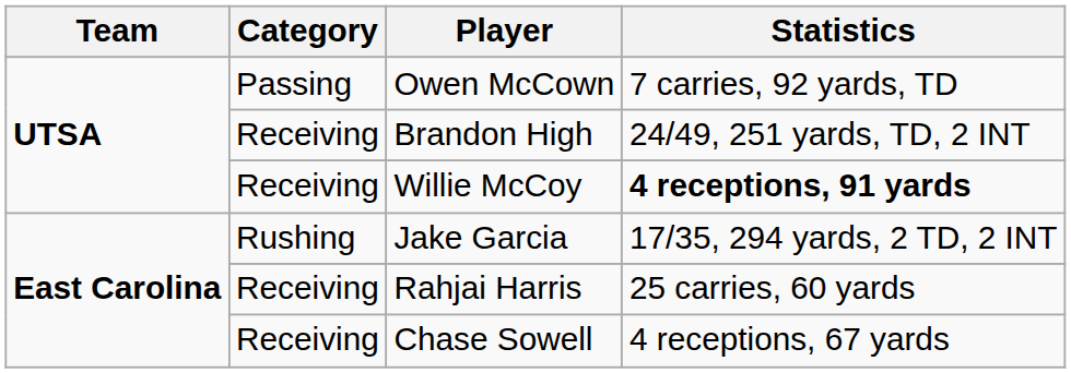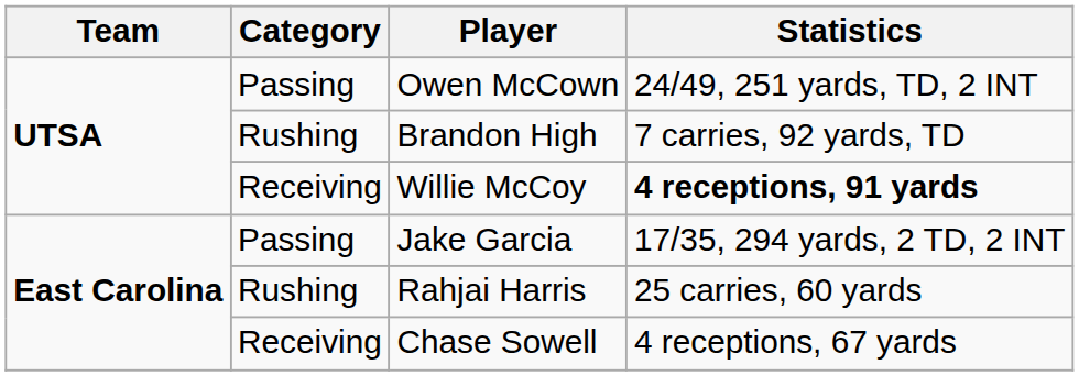 <table class="wikitable" style="float: right;">
 <tr>
 <th>Team</th>
 <th>Category</th>
 <th>Player</th>
 <th>Statistics</th>
 </tr>
 <tr>
 <td rowspan=3><strong>UTSA</strong></td>
 <td>Passing</td>
 <td>Owen McCown</td>
-<td>7 carries, 92 yards, TD</td>
+<td>24/49, 251 yards, TD, 2 INT</td>
 </tr>
 <tr>
-<td>Receiving</td>
+<td>Rushing</td>
 <td>Brandon High</td>
-<td>24/49, 251 yards, TD, 2 INT</td>
+<td>7 carries, 92 yards, TD</td>
 </tr>
 <tr>
 <td>Receiving</td>
 <td>Willie McCoy</td>
 <td><strong>4 receptions, 91 yards</strong></td>
 </tr>
 <tr>
 <td rowspan=3><strong>East Carolina</strong></td>
-<td>Rushing</td>
+<td>Passing</td>
 <td>Jake Garcia</td>
 <td>17/35, 294 yards, 2 TD, 2 INT</td>
 </tr>
 <tr>
-<td>Receiving</td>
+<td>Rushing</td>
 <td>Rahjai Harris</td>
 <td>25 carries, 60 yards</td>
 </tr>
 <tr>
 <td>Receiving</td>
 <td>Chase Sowell</td>
 <td>4 receptions, 67 yards</td>
 </tr>
 </table>
